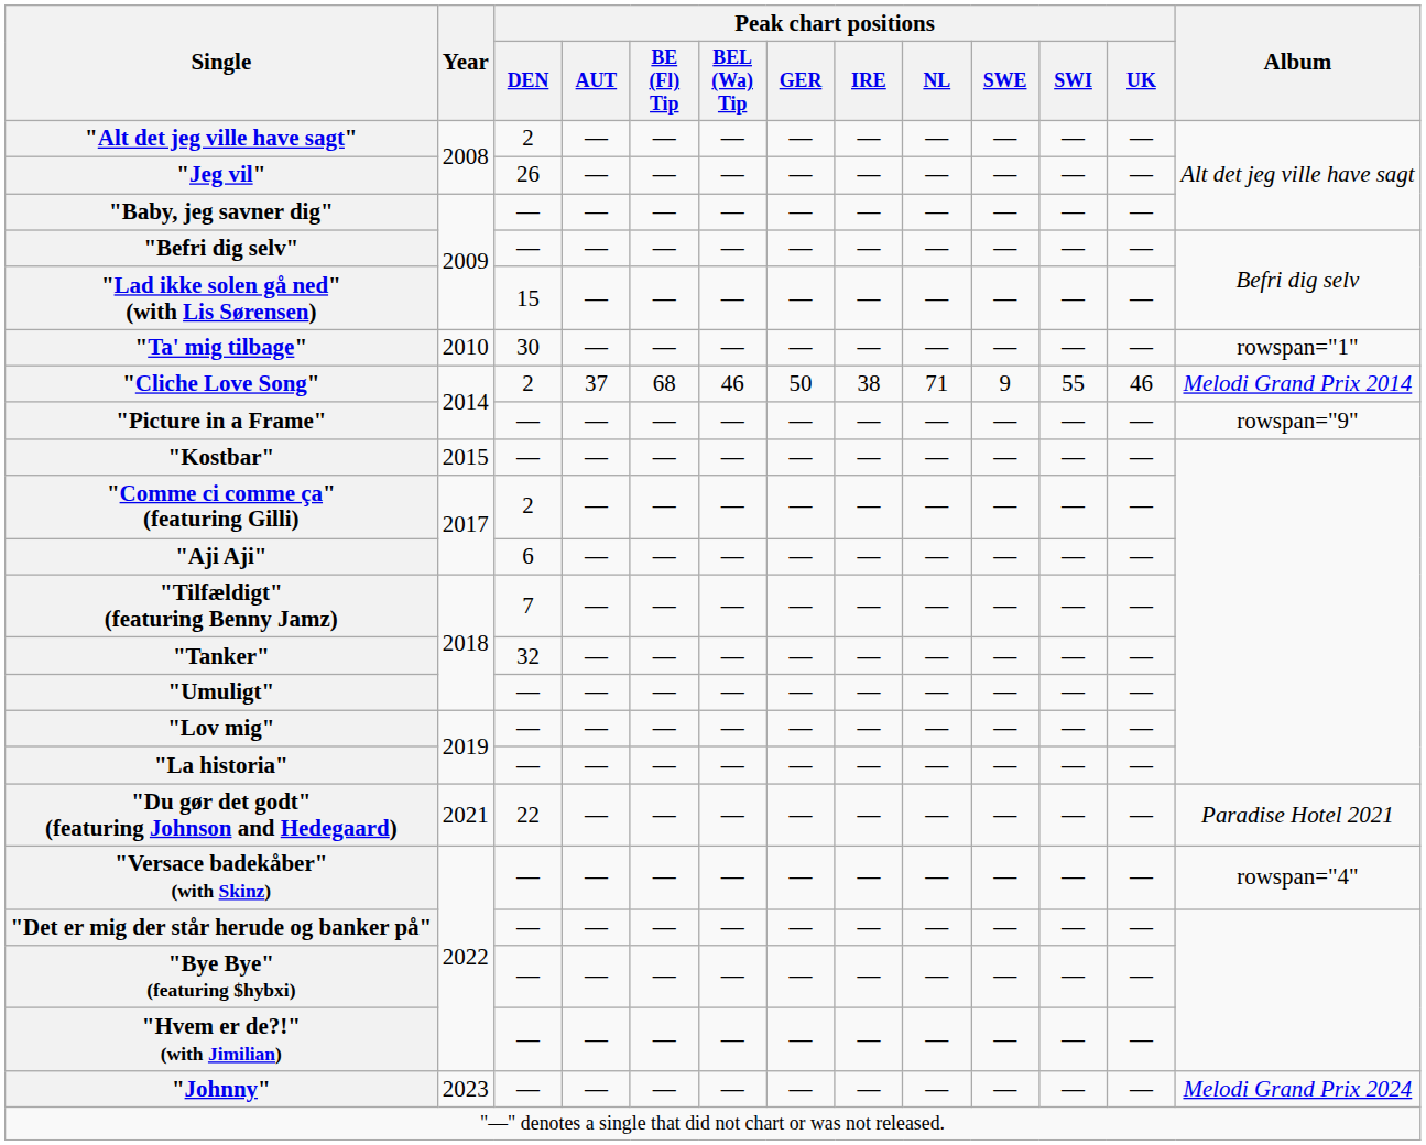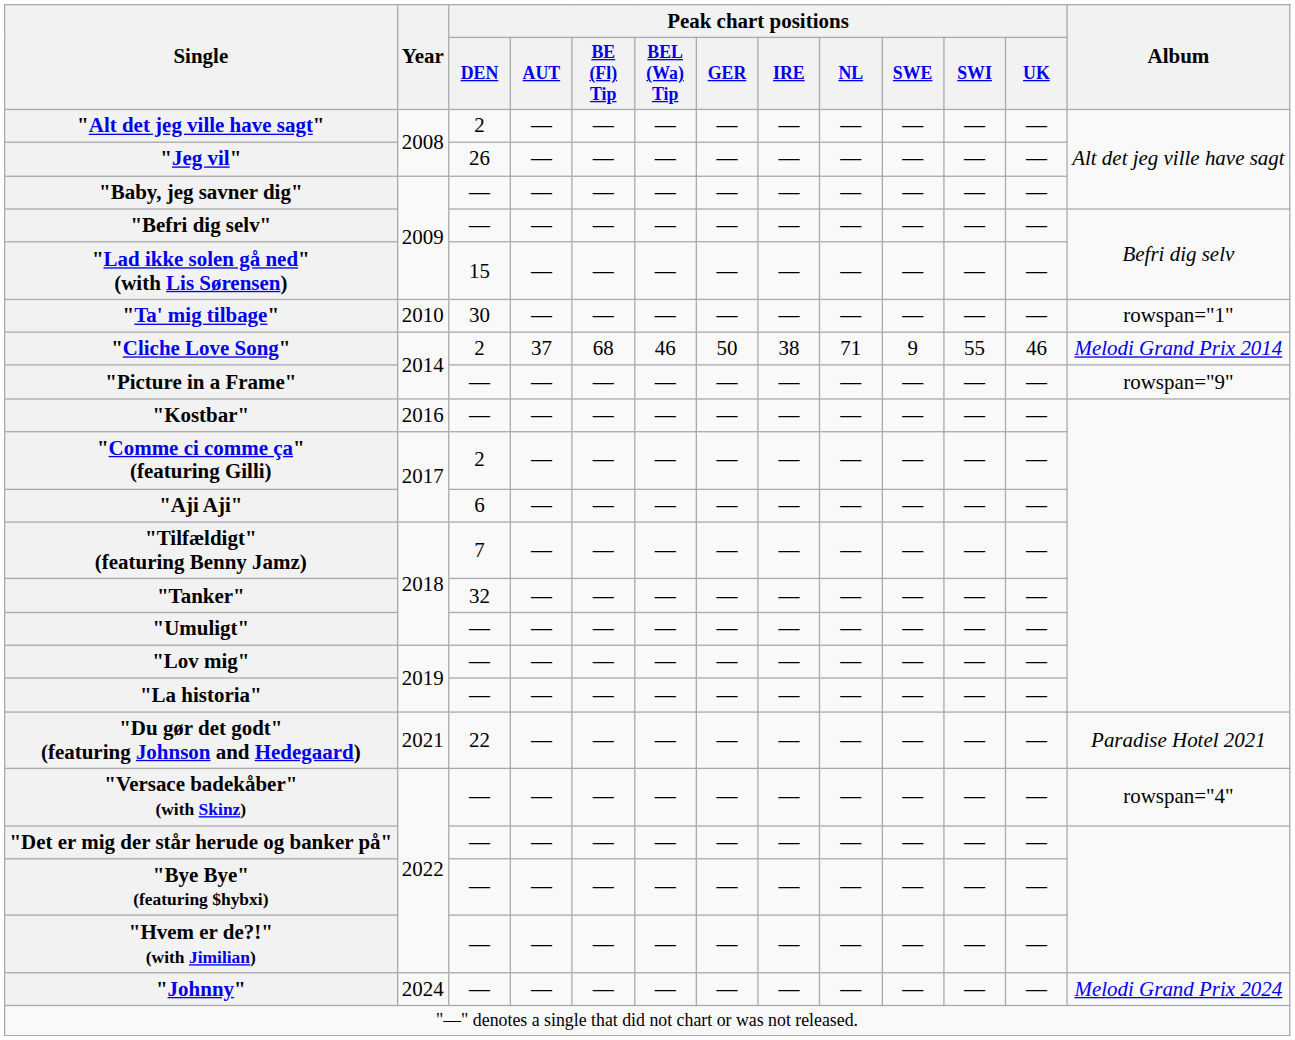 <table class="wikitable plainrowheaders" style="text-align:center;">
 <tr>
 <th scope="col" rowspan="2">Single</th>
 <th scope="col" rowspan="2">Year</th>
 <th scope="col" colspan="10">Peak chart positions</th>
 <th scope="col" rowspan="2">Album</th>
 </tr>
 <tr>
 <th scope="col" style="width:3em;font-size:85%;"><a href='#'>DEN</a><br></th>
 <th scope="col" style="width:3em;font-size:85%;"><a href='#'>AUT</a><br></th>
 <th scope="col" style="width:3em;font-size:85%;"><a href='#'>BE<br>(Fl)<br>Tip</a><br></th>
 <th scope="col" style="width:3em;font-size:85%;"><a href='#'>BEL<br>(Wa)<br>Tip</a><br></th>
 <th scope="col" style="width:3em;font-size:85%;"><a href='#'>GER</a><br></th>
 <th scope="col" style="width:3em;font-size:85%;"><a href='#'>IRE</a><br></th>
 <th scope="col" style="width:3em;font-size:85%;"><a href='#'>NL</a><br></th>
 <th scope="col" style="width:3em;font-size:85%;"><a href='#'>SWE</a><br></th>
 <th scope="col" style="width:3em;font-size:85%;"><a href='#'>SWI</a><br></th>
 <th scope="col" style="width:3em;font-size:85%;"><a href='#'>UK</a><br></th>
 </tr>
 <tr>
 <th scope="row">"<a href='#'>Alt det jeg ville have sagt</a>"</th>
 <td rowspan="2">2008</td>
 <td>2</td>
 <td>—</td>
 <td>—</td>
 <td>—</td>
 <td>—</td>
 <td>—</td>
 <td>—</td>
 <td>—</td>
 <td>—</td>
 <td>—</td>
 <td rowspan="3"><em>Alt det jeg ville have sagt</em></td>
 </tr>
 <tr>
 <th scope="row">"<a href='#'>Jeg vil</a>"</th>
 <td>26</td>
 <td>—</td>
 <td>—</td>
 <td>—</td>
 <td>—</td>
 <td>—</td>
 <td>—</td>
 <td>—</td>
 <td>—</td>
 <td>—</td>
 </tr>
 <tr>
 <th scope="row">"Baby, jeg savner dig"</th>
 <td rowspan="3">2009</td>
 <td>—</td>
 <td>—</td>
 <td>—</td>
 <td>—</td>
 <td>—</td>
 <td>—</td>
 <td>—</td>
 <td>—</td>
 <td>—</td>
 <td>—</td>
 </tr>
 <tr>
 <th scope="row">"Befri dig selv"</th>
 <td>—</td>
 <td>—</td>
 <td>—</td>
 <td>—</td>
 <td>—</td>
 <td>—</td>
 <td>—</td>
 <td>—</td>
 <td>—</td>
 <td>—</td>
 <td rowspan="2"><em>Befri dig selv</em></td>
 </tr>
 <tr>
 <th scope="row">"<a href='#'>Lad ikke solen gå ned</a>"<br><span>(with <a href='#'>Lis Sørensen</a>)</span></th>
 <td>15</td>
 <td>—</td>
 <td>—</td>
 <td>—</td>
 <td>—</td>
 <td>—</td>
 <td>—</td>
 <td>—</td>
 <td>—</td>
 <td>—</td>
 </tr>
 <tr>
 <th scope="row">"<a href='#'>Ta' mig tilbage</a>"</th>
 <td>2010</td>
 <td>30</td>
 <td>—</td>
 <td>—</td>
 <td>—</td>
 <td>—</td>
 <td>—</td>
 <td>—</td>
 <td>—</td>
 <td>—</td>
 <td>—</td>
 <td>rowspan="1" </td>
 </tr>
 <tr>
 <th scope="row">"<a href='#'>Cliche Love Song</a>"</th>
 <td rowspan="2">2014</td>
 <td>2</td>
 <td>37</td>
 <td>68</td>
 <td>46</td>
 <td>50</td>
 <td>38</td>
 <td>71</td>
 <td>9</td>
 <td>55</td>
 <td>46</td>
 <td rowspan="1"><em><a href='#'>Melodi Grand Prix 2014</a></em></td>
 </tr>
 <tr>
 <th scope="row">"Picture in a Frame"</th>
 <td>—</td>
 <td>—</td>
 <td>—</td>
 <td>—</td>
 <td>—</td>
 <td>—</td>
 <td>—</td>
 <td>—</td>
 <td>—</td>
 <td>—</td>
 <td>rowspan="9" </td>
 </tr>
 <tr>
 <th scope="row">"Kostbar"</th>
-<td>2015</td>
+<td>2016</td>
 <td>—</td>
 <td>—</td>
 <td>—</td>
 <td>—</td>
 <td>—</td>
 <td>—</td>
 <td>—</td>
 <td>—</td>
 <td>—</td>
 <td>—</td>
 </tr>
 <tr>
 <th scope="row">"<a href='#'>Comme ci comme ça</a>"<br><span>(featuring Gilli)</span></th>
 <td rowspan="2">2017</td>
 <td>2</td>
 <td>—</td>
 <td>—</td>
 <td>—</td>
 <td>—</td>
 <td>—</td>
 <td>—</td>
 <td>—</td>
 <td>—</td>
 <td>—</td>
 </tr>
 <tr>
 <th scope="row">"Aji Aji"</th>
 <td>6</td>
 <td>—</td>
 <td>—</td>
 <td>—</td>
 <td>—</td>
 <td>—</td>
 <td>—</td>
 <td>—</td>
 <td>—</td>
 <td>—</td>
 </tr>
 <tr>
 <th scope="row">"Tilfældigt"<br><span>(featuring Benny Jamz)</span></th>
 <td rowspan="3">2018</td>
 <td>7</td>
 <td>—</td>
 <td>—</td>
 <td>—</td>
 <td>—</td>
 <td>—</td>
 <td>—</td>
 <td>—</td>
 <td>—</td>
 <td>—</td>
 </tr>
 <tr>
 <th scope="row">"Tanker"</th>
 <td>32</td>
 <td>—</td>
 <td>—</td>
 <td>—</td>
 <td>—</td>
 <td>—</td>
 <td>—</td>
 <td>—</td>
 <td>—</td>
 <td>—</td>
 </tr>
 <tr>
 <th scope="row">"Umuligt"</th>
 <td>—</td>
 <td>—</td>
 <td>—</td>
 <td>—</td>
 <td>—</td>
 <td>—</td>
 <td>—</td>
 <td>—</td>
 <td>—</td>
 <td>—</td>
 </tr>
 <tr>
 <th scope="row">"Lov mig"</th>
 <td rowspan="2">2019</td>
 <td>—</td>
 <td>—</td>
 <td>—</td>
 <td>—</td>
 <td>—</td>
 <td>—</td>
 <td>—</td>
 <td>—</td>
 <td>—</td>
 <td>—</td>
 </tr>
 <tr>
 <th scope="row">"La historia"</th>
 <td>—</td>
 <td>—</td>
 <td>—</td>
 <td>—</td>
 <td>—</td>
 <td>—</td>
 <td>—</td>
 <td>—</td>
 <td>—</td>
 <td>—</td>
 </tr>
 <tr>
 <th scope="row">"Du gør det godt"<br><span>(featuring <a href='#'>Johnson</a> and <a href='#'>Hedegaard</a>)</span></th>
 <td>2021</td>
 <td>22</td>
 <td>—</td>
 <td>—</td>
 <td>—</td>
 <td>—</td>
 <td>—</td>
 <td>—</td>
 <td>—</td>
 <td>—</td>
 <td>—</td>
 <td><em>Paradise Hotel 2021</em></td>
 </tr>
 <tr>
 <th scope="row">"Versace badekåber"<br><small>(with <a href='#'>Skinz</a>)</small></th>
 <td rowspan="4">2022</td>
 <td>—</td>
 <td>—</td>
 <td>—</td>
 <td>—</td>
 <td>—</td>
 <td>—</td>
 <td>—</td>
 <td>—</td>
 <td>—</td>
 <td>—</td>
 <td>rowspan="4" </td>
 </tr>
 <tr>
 <th scope="row">"Det er mig der står herude og banker på"</th>
 <td>—</td>
 <td>—</td>
 <td>—</td>
 <td>—</td>
 <td>—</td>
 <td>—</td>
 <td>—</td>
 <td>—</td>
 <td>—</td>
 <td>—</td>
 </tr>
 <tr>
 <th scope="row">"Bye Bye"<br><small>(featuring $hybxi)</small></th>
 <td>—</td>
 <td>—</td>
 <td>—</td>
 <td>—</td>
 <td>—</td>
 <td>—</td>
 <td>—</td>
 <td>—</td>
 <td>—</td>
 <td>—</td>
 </tr>
 <tr>
 <th scope="row">"Hvem er de?!"<br><small>(with <a href='#'>Jimilian</a>)</small></th>
 <td>—</td>
 <td>—</td>
 <td>—</td>
 <td>—</td>
 <td>—</td>
 <td>—</td>
 <td>—</td>
 <td>—</td>
 <td>—</td>
 <td>—</td>
 </tr>
 <tr>
 <th scope="row">"<a href='#'>Johnny</a>"</th>
-<td>2023</td>
+<td>2024</td>
 <td>—</td>
 <td>—</td>
 <td>—</td>
 <td>—</td>
 <td>—</td>
 <td>—</td>
 <td>—</td>
 <td>—</td>
 <td>—</td>
 <td>—</td>
 <td rowspan="1"><em><a href='#'>Melodi Grand Prix 2024</a></em></td>
 </tr>
 <tr>
 <td colspan="19" style="font-size:85%">"—" denotes a single that did not chart or was not released.</td>
 </tr>
 </table>
